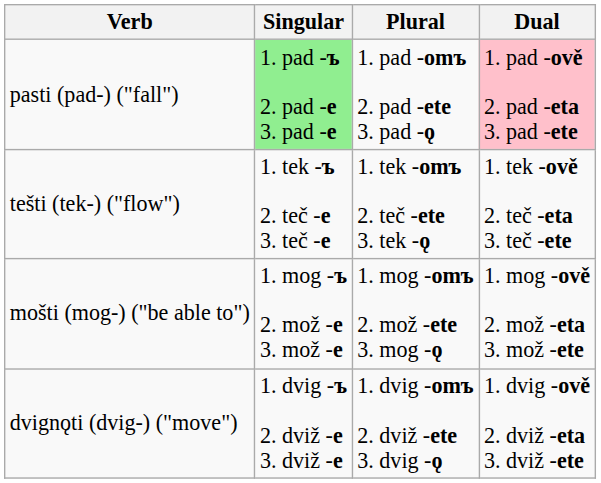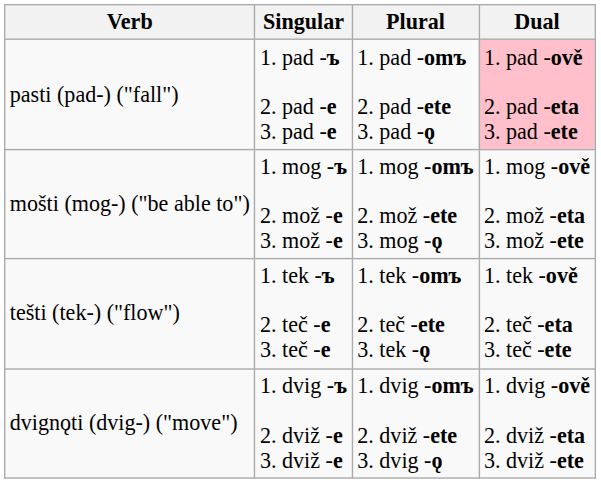 <table class="wikitable">
 <tr>
 <th>Verb</th>
 <th>Singular</th>
 <th>Plural</th>
 <th>Dual</th>
 </tr>
 <tr>
 <td>pasti (pad-) ("fall")</td>
-<td style="background: lightgreen;">1. pad -<strong>ъ</strong><br><br>2. pad -<strong>e</strong><br> 3. pad -<strong>e</strong></td>
+<td>1. pad -<strong>ъ</strong><br><br>2. pad -<strong>e</strong><br> 3. pad -<strong>e</strong></td>
 <td>1. pad -<strong>omъ</strong><br><br>2. pad -<strong>ete</strong><br> 3. pad -<strong>ǫ</strong></td>
 <td style="background: pink;">1. pad -<strong>ově</strong><br><br>2. pad -<strong>eta</strong><br> 3. pad -<strong>ete</strong></td>
+</tr>
+<tr>
+<td>mošti (mog-) ("be able to")</td>
+<td>1. mog -<strong>ъ</strong><br><br>2. mož -<strong>e</strong><br> 3. mož -<strong>e</strong></td>
+<td>1. mog -<strong>omъ</strong><br><br>2. mož -<strong>ete</strong><br> 3. mog -<strong>ǫ</strong></td>
+<td>1. mog -<strong>ově</strong><br><br>2. mož -<strong>eta</strong><br> 3. mož -<strong>ete</strong></td>
 </tr>
 <tr>
 <td>tešti (tek-) ("flow")</td>
 <td>1. tek -<strong>ъ</strong><br><br>2. teč -<strong>e</strong><br> 3. teč -<strong>e</strong></td>
 <td>1. tek -<strong>omъ</strong><br><br>2. teč -<strong>ete</strong><br> 3. tek -<strong>ǫ</strong></td>
 <td>1. tek -<strong>ově</strong><br><br>2. teč -<strong>eta</strong><br> 3. teč -<strong>ete</strong></td>
 </tr>
 <tr>
-<td>mošti (mog-) ("be able to")</td>
-<td>1. mog -<strong>ъ</strong><br><br>2. mož -<strong>e</strong><br> 3. mož -<strong>e</strong></td>
-<td>1. mog -<strong>omъ</strong><br><br>2. mož -<strong>ete</strong><br> 3. mog -<strong>ǫ</strong></td>
-<td>1. mog -<strong>ově</strong><br><br>2. mož -<strong>eta</strong><br> 3. mož -<strong>ete</strong></td>
-</tr>
-<tr>
 <td>dvignǫti (dvig-) ("move")</td>
 <td>1. dvig -<strong>ъ</strong><br><br>2. dviž -<strong>e</strong><br> 3. dviž -<strong>e</strong></td>
 <td>1. dvig -<strong>omъ</strong><br><br>2. dviž -<strong>ete</strong><br> 3. dvig -<strong>ǫ</strong></td>
 <td>1. dvig -<strong>ově</strong><br><br>2. dviž -<strong>eta</strong><br> 3. dviž -<strong>ete</strong></td>
 </tr>
 </table>
